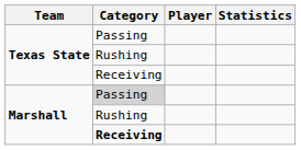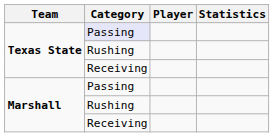 <table class="wikitable" style="float: right;">
 <tr>
 <th>Team</th>
 <th>Category</th>
 <th>Player</th>
 <th>Statistics</th>
 </tr>
 <tr>
 <td rowspan=3><strong>Texas State</strong></td>
-<td>Passing</td>
+<td style="background: lavender;">Passing</td>
 <td></td>
 <td></td>
 </tr>
 <tr>
 <td>Rushing</td>
 <td></td>
 <td></td>
 </tr>
 <tr>
 <td>Receiving</td>
 <td></td>
 <td></td>
 </tr>
 <tr>
 <td rowspan=3><strong>Marshall</strong></td>
-<td style="background: lightgrey;">Passing</td>
+<td>Passing</td>
 <td></td>
 <td></td>
 </tr>
 <tr>
 <td>Rushing</td>
 <td></td>
 <td></td>
 </tr>
 <tr>
-<td><strong>Receiving</strong></td>
+<td>Receiving</td>
 <td></td>
 <td></td>
 </tr>
 </table>
